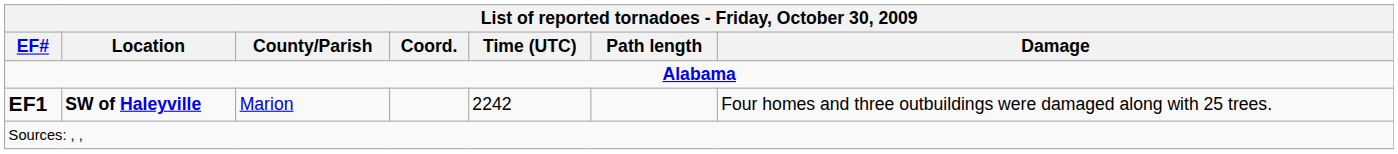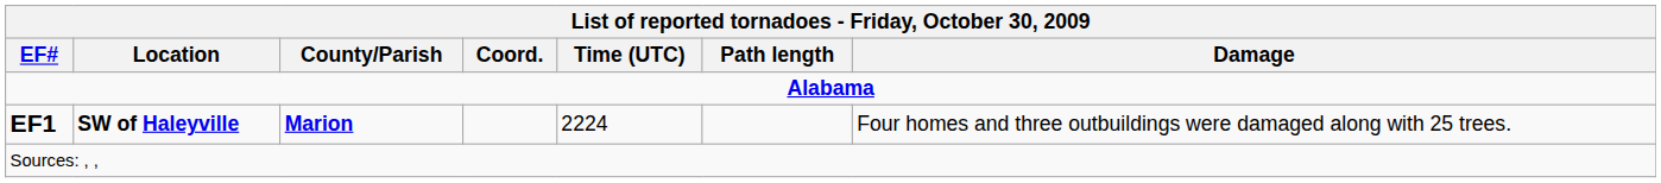 <table class="wikitable collapsible" width="100%">
 <tr>
 <th colspan="7">List of reported tornadoes - Friday, October 30, 2009</th>
 </tr>
 <tr>
 <th><a href='#'>EF#</a></th>
 <th>Location</th>
 <th>County/Parish</th>
 <th>Coord.</th>
 <th>Time (UTC)</th>
 <th>Path length</th>
 <th>Damage</th>
 </tr>
 <tr>
 <td colspan="7" align=center><strong><a href='#'>Alabama</a></strong></td>
 </tr>
 <tr>
 <td><big><strong>EF1</strong></big></td>
 <td><strong>SW of <a href='#'>Haleyville</a></strong></td>
-<td><a href='#'>Marion</a></td>
+<td><strong><a href='#'>Marion</a></strong></td>
 <td></td>
-<td>2242</td>
+<td>2224</td>
 <td></td>
 <td>Four homes and three outbuildings were damaged along with 25 trees.</td>
 </tr>
 <tr>
 <td colspan="7"><small>Sources: , , </small></td>
 </tr>
 </table>
